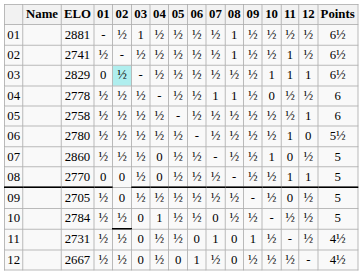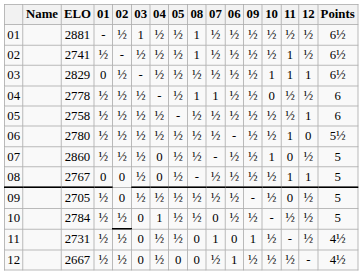 <table class="wikitable" style="text-align:center;">
 <tr>
 <th></th>
 <th>Name</th>
 <th>ELO</th>
 <th>01</th>
 <th>02</th>
 <th>03</th>
 <th>04</th>
 <th>05</th>
+<th>08</th>
+<th>07</th>
 <th>06</th>
-<th>07</th>
-<th>08</th>
 <th>09</th>
 <th>10</th>
 <th>11</th>
 <th>12</th>
 <th>Points</th>
 </tr>
 <tr>
 <td>01</td>
 <td style="text-align:left;" data-sort-value="Carlsen"></td>
 <td>2881</td>
 <td>-</td>
 <td>½</td>
 <td>1</td>
 <td>½</td>
 <td>½</td>
+<td>1</td>
 <td>½</td>
 <td>½</td>
-<td>1</td>
 <td>½</td>
 <td>½</td>
 <td>½</td>
 <td>½</td>
 <td>6½</td>
 </tr>
 <tr>
 <td>02</td>
 <td style="text-align:left;" data-sort-value="So"></td>
 <td>2741</td>
 <td>½</td>
 <td>-</td>
 <td>½</td>
 <td>½</td>
 <td>½</td>
+<td>1</td>
 <td>½</td>
 <td>½</td>
-<td>1</td>
 <td>½</td>
 <td>½</td>
 <td>1</td>
 <td>½</td>
 <td>6½</td>
 </tr>
 <tr>
 <td>03</td>
 <td style="text-align:left;" data-sort-value="Nakamura"></td>
 <td>2829</td>
 <td>0</td>
-<td style="background: paleturquoise;">½</td>
+<td>½</td>
 <td>-</td>
 <td>½</td>
 <td>½</td>
 <td>½</td>
 <td>½</td>
 <td>½</td>
 <td>½</td>
 <td>1</td>
 <td>1</td>
 <td>1</td>
 <td>6½</td>
 </tr>
 <tr>
 <td>04</td>
 <td style="text-align:left;" data-sort-value="Nepomniachtchi"></td>
 <td>2778</td>
 <td>½</td>
 <td>½</td>
 <td>½</td>
 <td>-</td>
 <td>½</td>
-<td>½</td>
 <td>1</td>
 <td>1</td>
+<td>½</td>
 <td>½</td>
 <td>0</td>
 <td>½</td>
 <td>½</td>
 <td>6</td>
 </tr>
 <tr>
 <td>05</td>
 <td style="text-align:left;" data-sort-value="Radjabov"></td>
 <td>2758</td>
 <td>½</td>
 <td>½</td>
 <td>½</td>
 <td>½</td>
 <td>-</td>
 <td>½</td>
 <td>½</td>
 <td>½</td>
 <td>½</td>
 <td>½</td>
 <td>½</td>
 <td>1</td>
 <td>6</td>
 </tr>
 <tr>
 <td>06</td>
 <td style="text-align:left;" data-sort-value="Aronian"></td>
 <td>2780</td>
 <td>½</td>
 <td>½</td>
 <td>½</td>
 <td>½</td>
 <td>½</td>
-<td>-</td>
 <td>½</td>
 <td>½</td>
+<td>-</td>
 <td>½</td>
 <td>½</td>
 <td>1</td>
 <td>0</td>
 <td>5½</td>
 </tr>
 <tr>
 <td>07</td>
 <td style="text-align:left;" data-sort-value="Vachier"></td>
 <td>2860</td>
 <td>½</td>
 <td>½</td>
 <td>½</td>
 <td>0</td>
 <td>½</td>
 <td>½</td>
 <td>-</td>
 <td>½</td>
 <td>½</td>
 <td>1</td>
 <td>0</td>
 <td>½</td>
 <td>5</td>
 </tr>
 <tr>
 <td>08</td>
 <td style="text-align:left;" data-sort-value="Dubov"></td>
-<td>2770</td>
+<td>2767</td>
 <td>0</td>
 <td>0</td>
 <td>½</td>
 <td>0</td>
 <td>½</td>
+<td>-</td>
 <td>½</td>
 <td>½</td>
-<td>-</td>
 <td>½</td>
 <td>½</td>
 <td>1</td>
 <td>1</td>
 <td>5</td>
 </tr>
 <tr>
 <td style="border-top: 2px solid #000000;">09</td>
 <td style="text-align:left; border-top: 2px solid #000000;" data-sort-value="Harikrishna"></td>
 <td style="border-top: 2px solid #000000;">2705</td>
 <td style="border-top: 2px solid #000000;">½</td>
 <td>0</td>
 <td style="border-top: 2px solid #000000;">½</td>
 <td style="border-top: 2px solid #000000;">½</td>
 <td style="border-top: 2px solid #000000;">½</td>
 <td style="border-top: 2px solid #000000;">½</td>
 <td style="border-top: 2px solid #000000;">½</td>
 <td style="border-top: 2px solid #000000;">½</td>
 <td style="border-top: 2px solid #000000;">-</td>
 <td style="border-top: 2px solid #000000;">½</td>
 <td style="border-top: 2px solid #000000;">0</td>
 <td style="border-top: 2px solid #000000;">½</td>
 <td style="border-top: 2px solid #000000;">5</td>
 </tr>
 <tr>
 <td>10</td>
 <td style="text-align:left;" data-sort-value="Grischuk"></td>
 <td>2784</td>
 <td>½</td>
 <td>½</td>
 <td>0</td>
 <td>1</td>
 <td>½</td>
 <td>½</td>
 <td>0</td>
 <td>½</td>
 <td>½</td>
 <td>-</td>
 <td>½</td>
 <td>½</td>
 <td>5</td>
 </tr>
 <tr>
 <td>11</td>
 <td style="text-align:left;" data-sort-value="Giri"></td>
 <td>2731</td>
 <td>½</td>
 <td style="border-top: 2px solid #000000;">½</td>
 <td>0</td>
 <td>½</td>
 <td>½</td>
 <td>0</td>
 <td>1</td>
 <td>0</td>
 <td>1</td>
 <td>½</td>
 <td>-</td>
 <td>½</td>
 <td>4½</td>
 </tr>
 <tr>
 <td>12</td>
 <td style="text-align:left;" data-sort-value="Guijarro"></td>
 <td>2667</td>
 <td>½</td>
 <td>½</td>
 <td>0</td>
 <td>½</td>
 <td>0</td>
+<td>0</td>
+<td>½</td>
 <td>1</td>
-<td>½</td>
-<td>0</td>
 <td>½</td>
 <td>½</td>
 <td>½</td>
 <td>-</td>
 <td>4½</td>
 </tr>
 </table>
